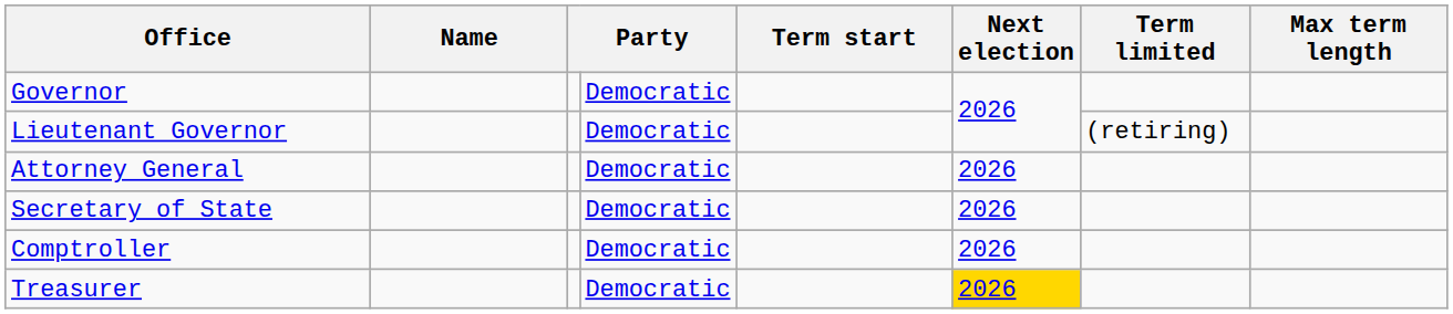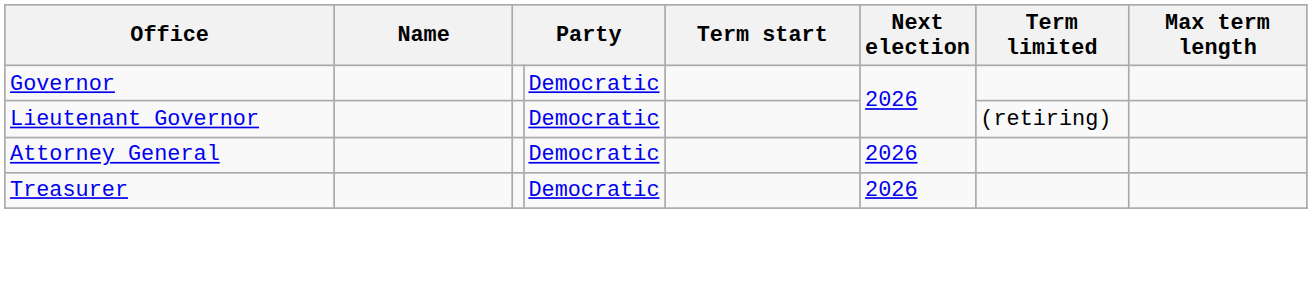 <table class="sortable wikitable">
 <tr>
 <th scope="col" width=190>Office</th>
 <th scope="col" width=100>Name</th>
 <th scope="col" width=75 colspan=2>Party</th>
 <th scope="col" width=110>Term start</th>
 <th scope="col" width=50>Next election</th>
 <th scope="col" width=85>Term limited</th>
 <th scope="col" width=100>Max term length</th>
 </tr>
 <tr>
 <td><a href='#'>Governor</a></td>
 <td></td>
 <td style="background-color:"></td>
 <td><a href='#'>Democratic</a></td>
 <td></td>
 <td rowspan=2><a href='#'>2026</a></td>
 <td></td>
 <td></td>
 </tr>
 <tr>
 <td><a href='#'>Lieutenant Governor</a></td>
 <td></td>
 <td style="background-color:"></td>
 <td><a href='#'>Democratic</a></td>
 <td></td>
 <td> (retiring)</td>
 <td></td>
 </tr>
 <tr>
 <td><a href='#'>Attorney General</a></td>
 <td></td>
 <td style="background-color:"></td>
 <td><a href='#'>Democratic</a></td>
 <td></td>
 <td><a href='#'>2026</a></td>
 <td></td>
 <td></td>
 </tr>
 <tr>
-<td><a href='#'>Secretary of State</a></td>
+<td><a href='#'>Treasurer</a></td>
 <td></td>
 <td style="background-color:"></td>
 <td><a href='#'>Democratic</a></td>
 <td></td>
 <td><a href='#'>2026</a></td>
 <td></td>
 <td></td>
 </tr>
-<tr>
-<td><a href='#'>Comptroller</a></td>
-<td></td>
-<td style="background-color:"></td>
-<td><a href='#'>Democratic</a></td>
-<td></td>
-<td><a href='#'>2026</a></td>
-<td></td>
-<td></td>
-</tr>
-<tr>
-<td><a href='#'>Treasurer</a></td>
-<td></td>
-<td style="background-color:"></td>
-<td><a href='#'>Democratic</a></td>
-<td></td>
-<td style="background: gold;"><a href='#'>2026</a></td>
-<td></td>
-<td></td>
-</tr>
 </table>
